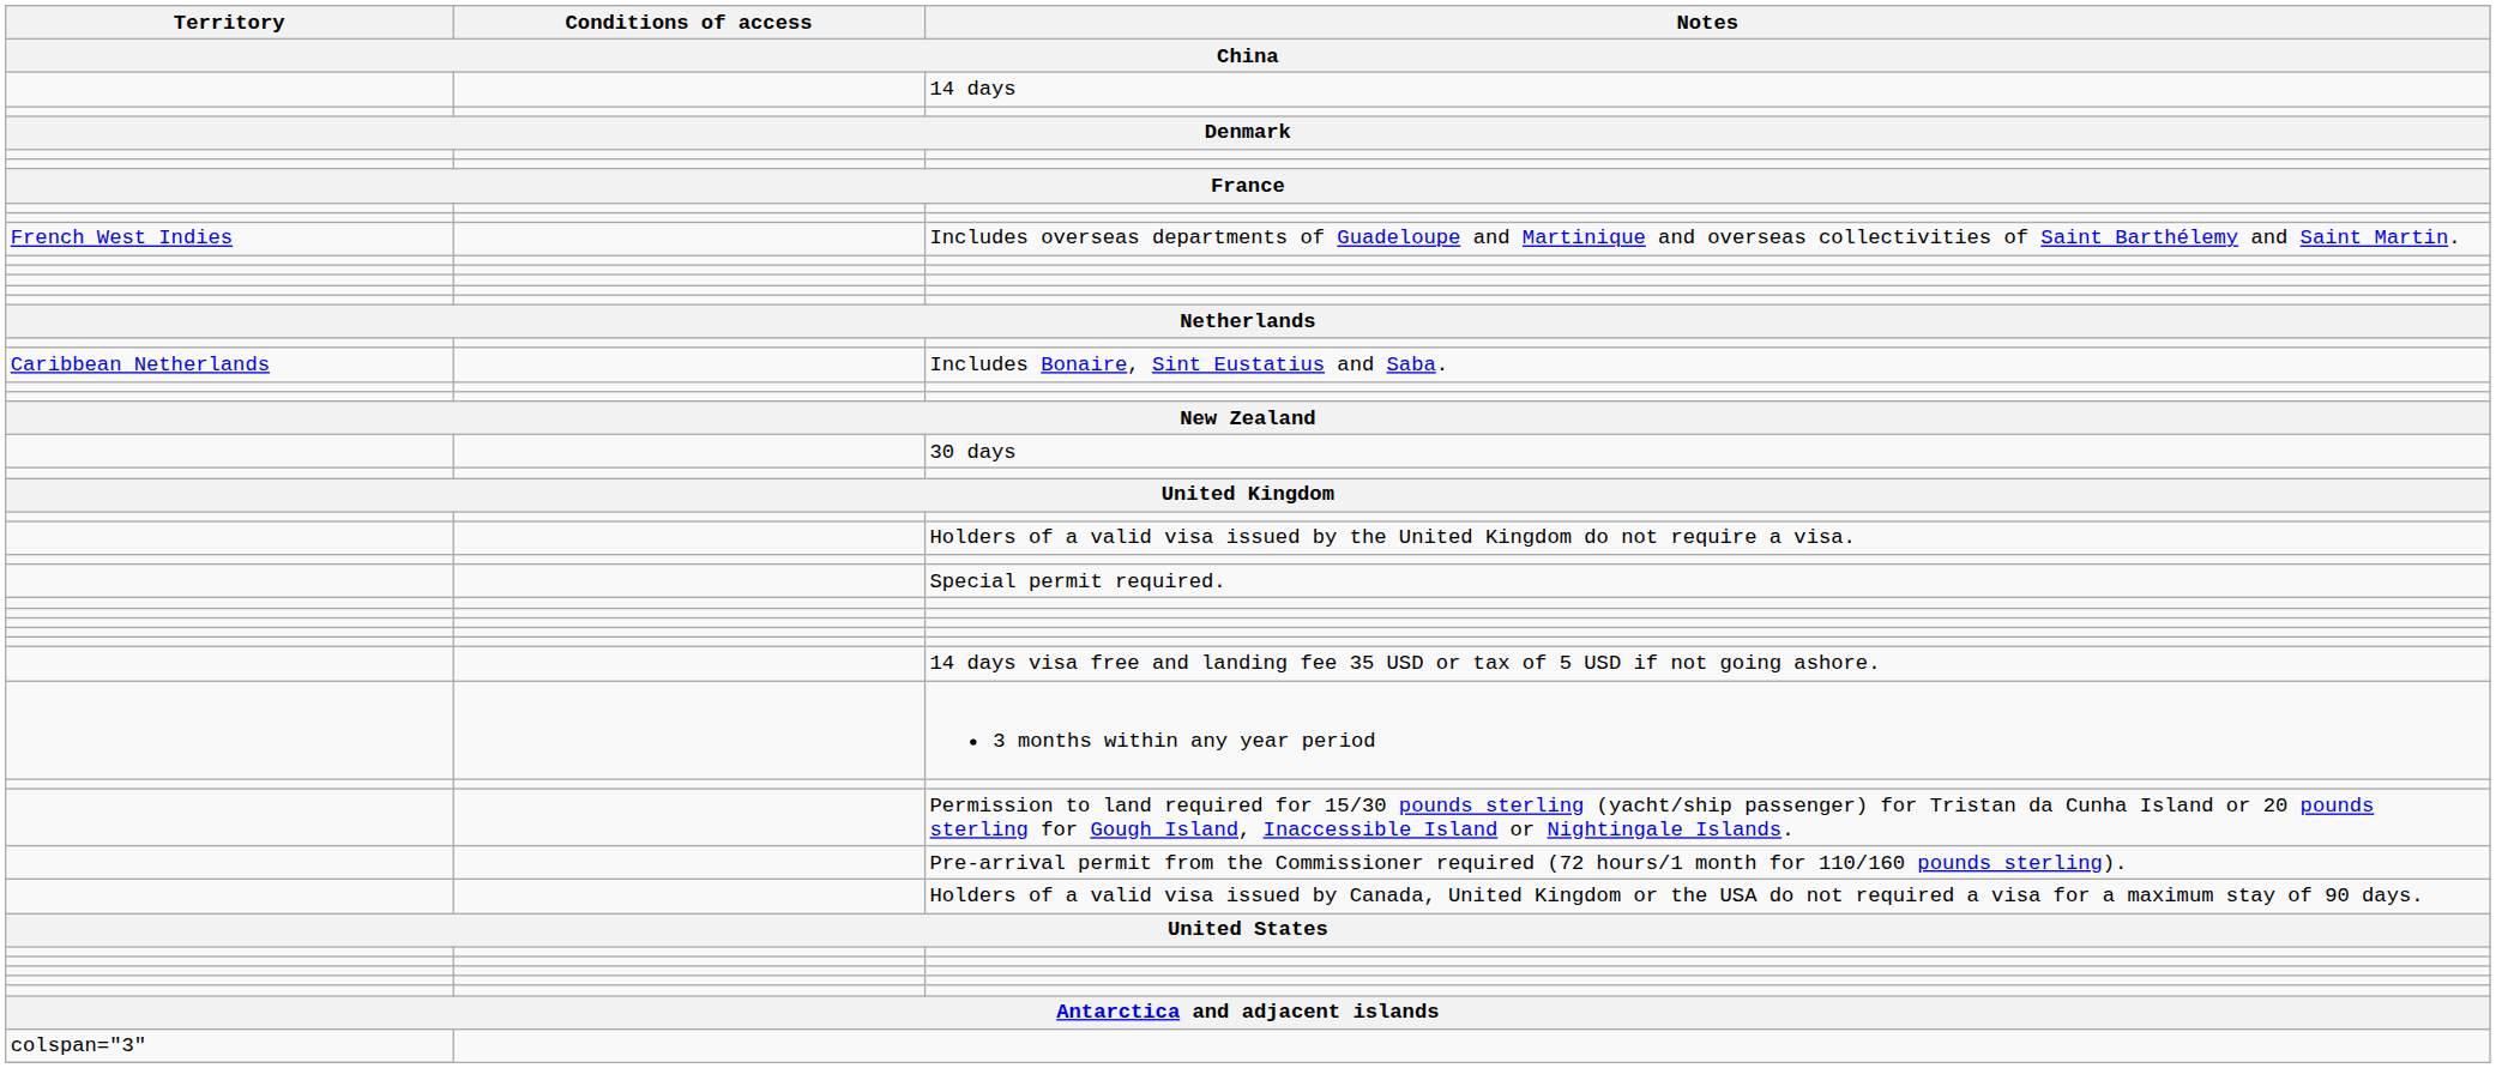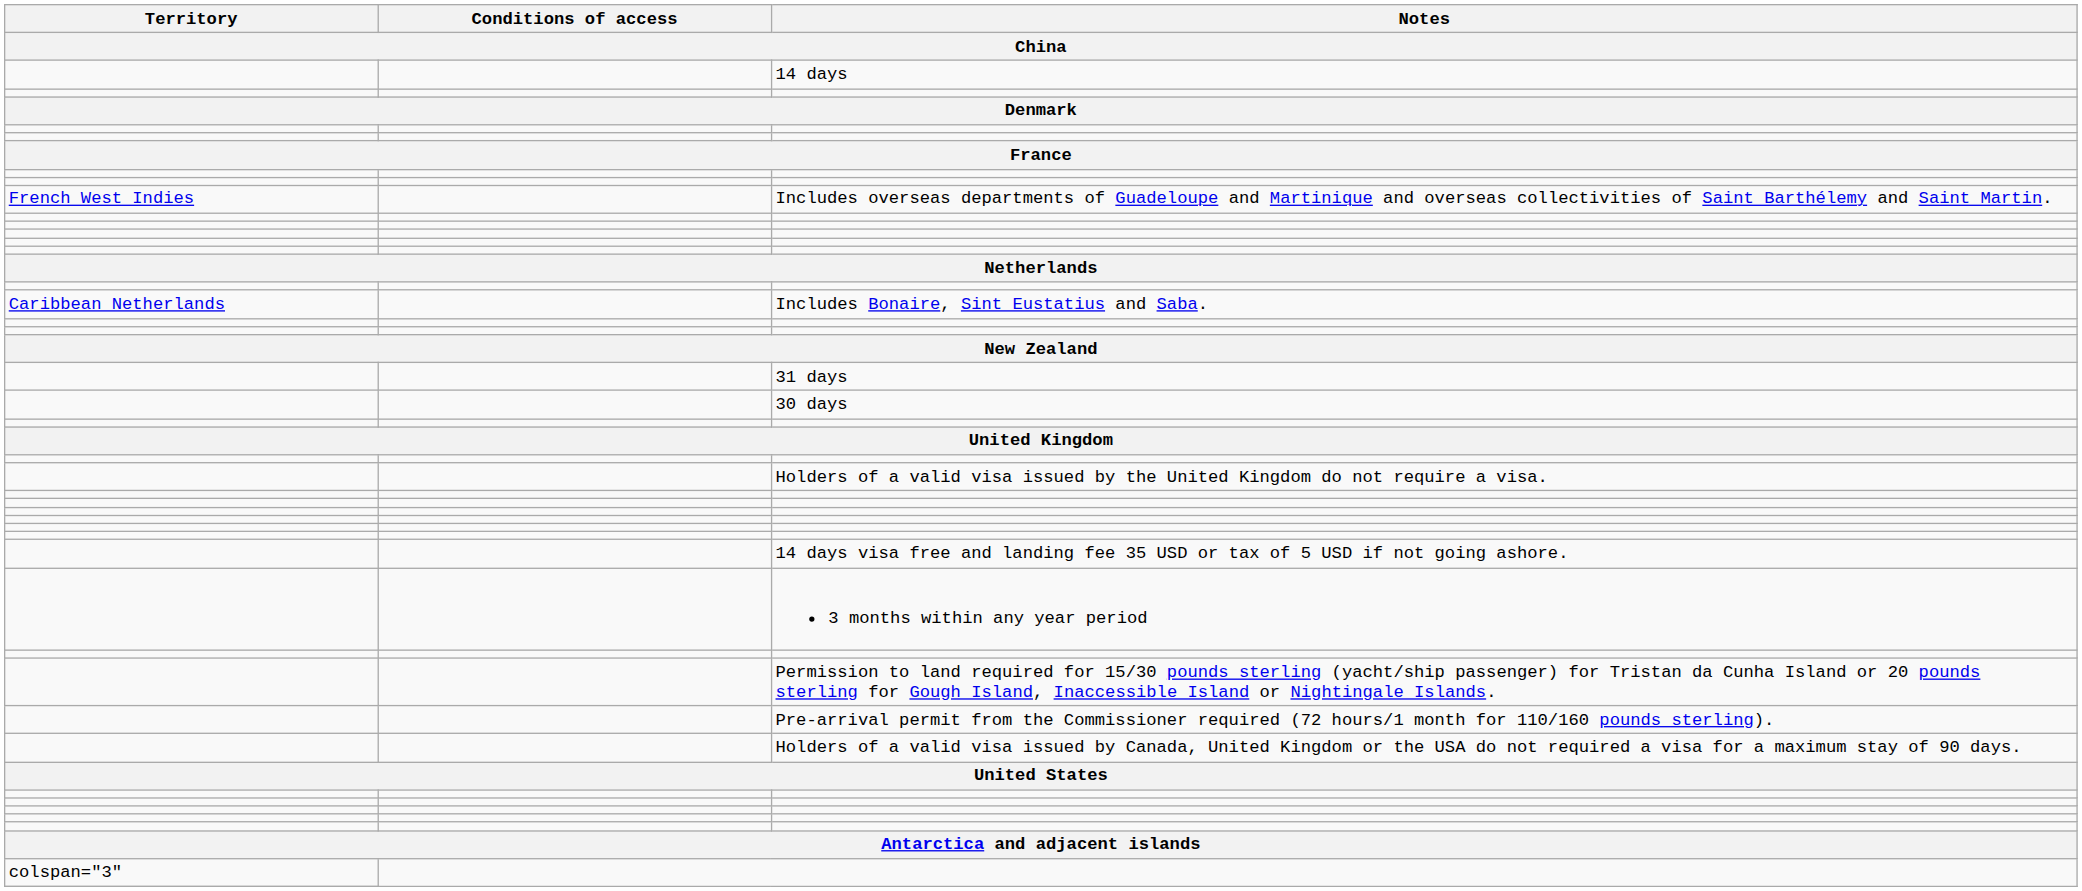 <table class="wikitable" style="text-align: left; table-layout: fixed;">
 <tr>
 <th width="18%">Territory</th>
 <th width="19%">Conditions of access</th>
 <th>Notes</th>
 </tr>
 <tr>
 <th colspan="3">China</th>
 </tr>
 <tr>
 <td></td>
 <td></td>
 <td>14 days</td>
 </tr>
 <tr>
 <td></td>
 <td></td>
 <td></td>
 </tr>
 <tr>
 <th colspan="3">Denmark</th>
 </tr>
 <tr>
 <td></td>
 <td></td>
 <td></td>
 </tr>
 <tr>
 <td></td>
 <td></td>
 <td></td>
 </tr>
 <tr>
 <th colspan="3">France</th>
 </tr>
 <tr>
 <td></td>
 <td></td>
 <td></td>
 </tr>
 <tr>
 <td></td>
 <td></td>
 <td></td>
 </tr>
 <tr>
 <td> <a href='#'>French West Indies</a></td>
 <td></td>
 <td>Includes overseas departments of <a href='#'>Guadeloupe</a> and <a href='#'>Martinique</a> and overseas collectivities of <a href='#'>Saint Barthélemy</a> and <a href='#'>Saint Martin</a>.</td>
 </tr>
 <tr>
 <td></td>
 <td></td>
 <td></td>
 </tr>
 <tr>
 <td></td>
 <td></td>
 <td></td>
 </tr>
 <tr>
 <td></td>
 <td></td>
 <td></td>
 </tr>
 <tr>
 <td></td>
 <td></td>
 <td></td>
 </tr>
 <tr>
 <td></td>
 <td></td>
 <td></td>
 </tr>
 <tr>
 <th colspan="3">Netherlands</th>
 </tr>
 <tr>
 <td></td>
 <td></td>
 <td></td>
 </tr>
 <tr>
 <td> <a href='#'>Caribbean Netherlands</a></td>
 <td></td>
 <td>Includes <a href='#'>Bonaire</a>, <a href='#'>Sint Eustatius</a> and <a href='#'>Saba</a>.</td>
 </tr>
 <tr>
 <td></td>
 <td></td>
 <td></td>
 </tr>
 <tr>
 <td></td>
 <td></td>
 <td></td>
 </tr>
 <tr>
 <th colspan="3">New Zealand</th>
 </tr>
 <tr>
 <td></td>
 <td></td>
+<td>31 days</td>
+</tr>
+<tr>
+<td></td>
+<td></td>
 <td>30 days</td>
 </tr>
 <tr>
 <td></td>
 <td></td>
 <td></td>
 </tr>
 <tr>
 <th colspan="3">United Kingdom</th>
 </tr>
 <tr>
 <td></td>
 <td></td>
 <td></td>
 </tr>
 <tr>
 <td></td>
 <td></td>
 <td>Holders of a valid visa issued by the United Kingdom do not require a visa.</td>
 </tr>
 <tr>
 <td></td>
 <td></td>
 <td></td>
-</tr>
-<tr>
-<td></td>
-<td></td>
-<td>Special permit required.</td>
 </tr>
 <tr>
 <td></td>
 <td></td>
 <td></td>
 </tr>
 <tr>
 <td></td>
 <td></td>
 <td></td>
 </tr>
 <tr>
 <td></td>
 <td></td>
 <td></td>
 </tr>
 <tr>
 <td></td>
 <td></td>
 <td></td>
 </tr>
 <tr>
 <td></td>
 <td></td>
 <td></td>
 </tr>
 <tr>
 <td></td>
 <td></td>
 <td>14 days visa free and landing fee 35 USD or tax of 5 USD if not going ashore.</td>
 </tr>
 <tr>
 <td></td>
 <td></td>
 <td><br><ul><li>3 months within any year period</li></ul></td>
 </tr>
 <tr>
 <td></td>
 <td></td>
 <td></td>
 </tr>
 <tr>
 <td></td>
 <td></td>
 <td>Permission to land required for 15/30 <a href='#'>pounds sterling</a> (yacht/ship passenger) for Tristan da Cunha Island or 20 <a href='#'>pounds sterling</a> for <a href='#'>Gough Island</a>, <a href='#'>Inaccessible Island</a> or <a href='#'>Nightingale Islands</a>.</td>
 </tr>
 <tr>
 <td></td>
 <td></td>
 <td>Pre-arrival permit from the Commissioner required (72 hours/1 month for 110/160 <a href='#'>pounds sterling</a>).</td>
 </tr>
 <tr>
 <td></td>
 <td></td>
 <td>Holders of a valid visa issued by Canada, United Kingdom or the USA do not required a visa for a maximum stay of 90 days.</td>
 </tr>
 <tr>
 <th colspan="3">United States</th>
 </tr>
 <tr>
 <td></td>
 <td></td>
 <td></td>
 </tr>
 <tr>
 <td></td>
 <td></td>
 <td></td>
 </tr>
 <tr>
 <td></td>
 <td></td>
 <td></td>
 </tr>
 <tr>
 <td></td>
 <td></td>
 <td></td>
 </tr>
 <tr>
 <td></td>
 <td></td>
 <td></td>
 </tr>
 <tr>
 <th colspan="3"><a href='#'>Antarctica</a> and adjacent islands</th>
 </tr>
 <tr>
 <td>colspan="3" </td>
 </tr>
 <tr>
 </tr>
 </table>
